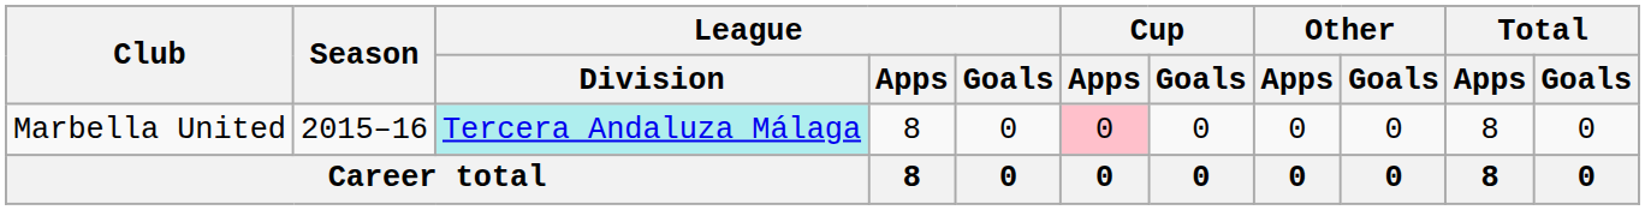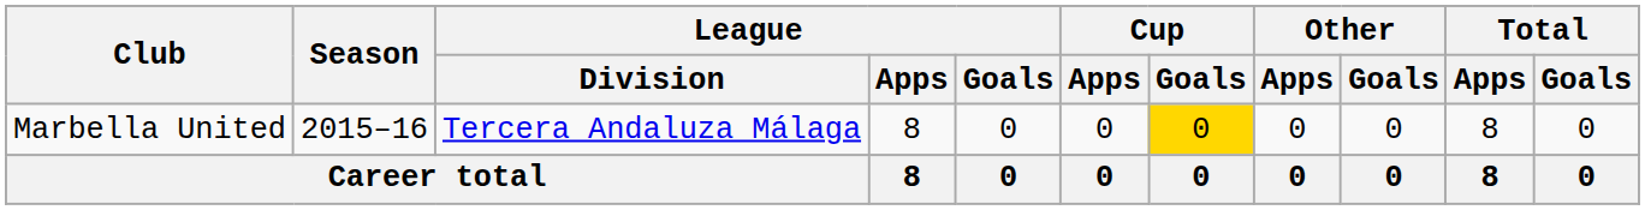 <table class="wikitable" style="text-align: center">
 <tr>
 <th rowspan="2">Club</th>
 <th rowspan="2">Season</th>
 <th colspan="3">League</th>
 <th colspan="2">Cup</th>
 <th colspan="2">Other</th>
 <th colspan="2">Total</th>
 </tr>
 <tr>
 <th>Division</th>
 <th>Apps</th>
 <th>Goals</th>
 <th>Apps</th>
 <th>Goals</th>
 <th>Apps</th>
 <th>Goals</th>
 <th>Apps</th>
 <th>Goals</th>
 </tr>
 <tr>
 <td>Marbella United</td>
 <td>2015–16</td>
-<td style="background: paleturquoise;"><a href='#'>Tercera Andaluza Málaga</a></td>
+<td><a href='#'>Tercera Andaluza Málaga</a></td>
 <td>8</td>
 <td>0</td>
-<td style="background: pink;">0</td>
 <td>0</td>
+<td style="background: gold;">0</td>
 <td>0</td>
 <td>0</td>
 <td>8</td>
 <td>0</td>
 </tr>
 <tr>
 <th colspan="3"><strong>Career total</strong></th>
 <th>8</th>
 <th>0</th>
 <th>0</th>
 <th>0</th>
 <th>0</th>
 <th>0</th>
 <th>8</th>
 <th>0</th>
 </tr>
 </table>
